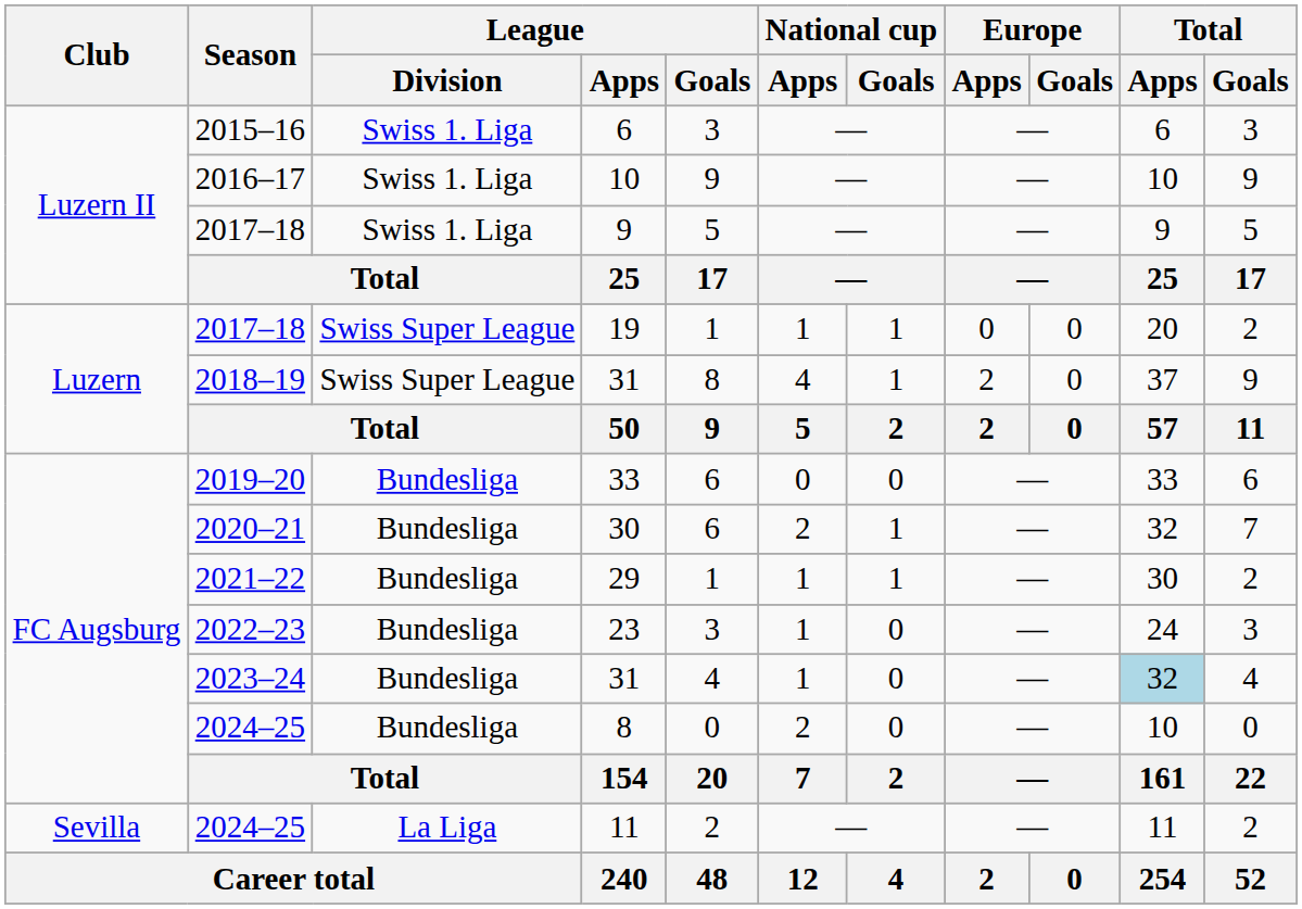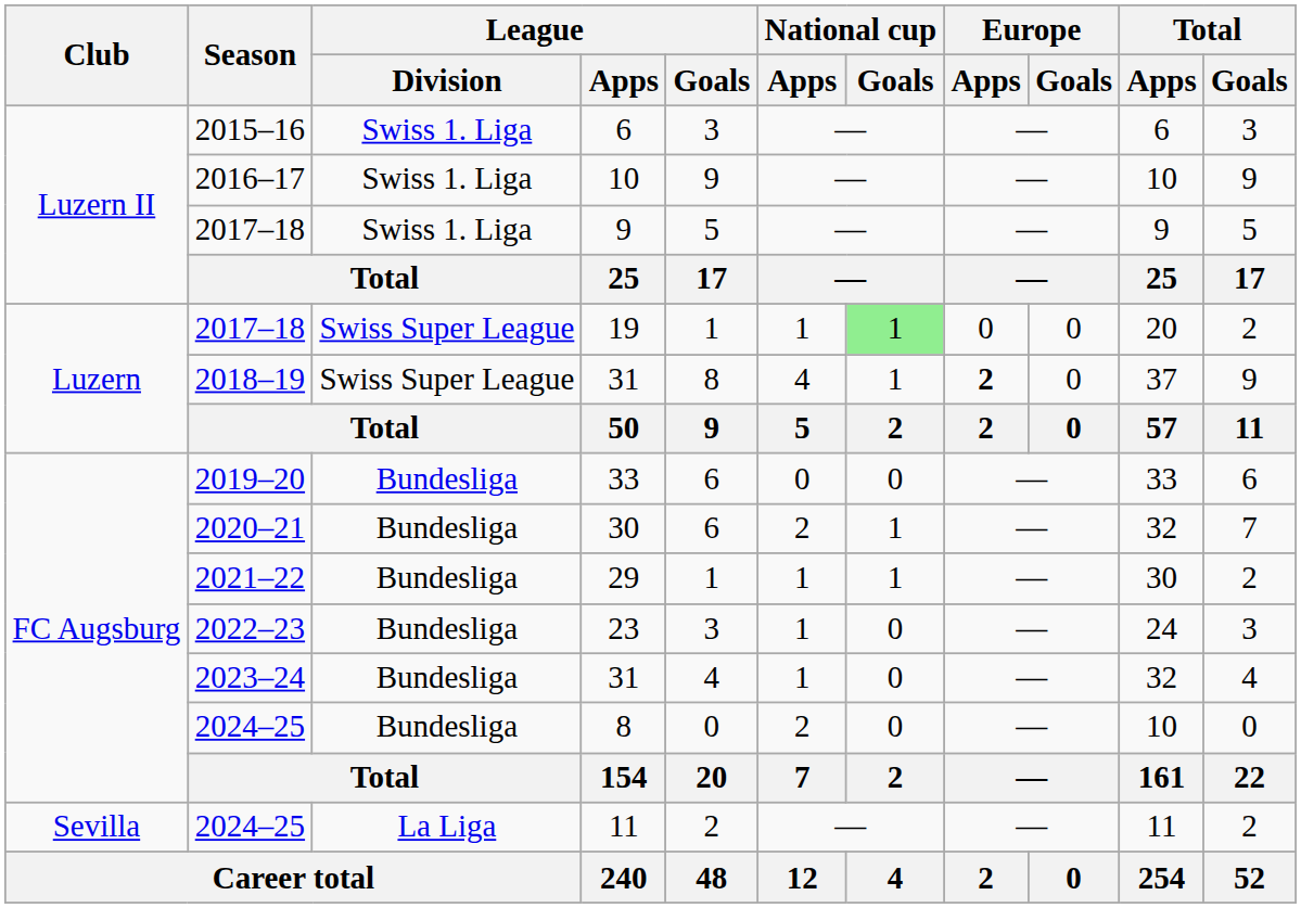 <table class="wikitable" style="text-align:center">
 <tr>
 <th rowspan="2">Club</th>
 <th rowspan="2">Season</th>
 <th colspan="3">League</th>
 <th colspan="2">National cup</th>
 <th colspan="2">Europe</th>
 <th colspan="2">Total</th>
 </tr>
 <tr>
 <th>Division</th>
 <th>Apps</th>
 <th>Goals</th>
 <th>Apps</th>
 <th>Goals</th>
 <th>Apps</th>
 <th>Goals</th>
 <th>Apps</th>
 <th>Goals</th>
 </tr>
 <tr>
 <td rowspan="4"><a href='#'>Luzern II</a></td>
 <td>2015–16</td>
 <td><a href='#'>Swiss 1. Liga</a></td>
 <td>6</td>
 <td>3</td>
 <td colspan="2">—</td>
 <td colspan="2">—</td>
 <td>6</td>
 <td>3</td>
 </tr>
 <tr>
 <td>2016–17</td>
 <td>Swiss 1. Liga</td>
 <td>10</td>
 <td>9</td>
 <td colspan="2">—</td>
 <td colspan="2">—</td>
 <td>10</td>
 <td>9</td>
 </tr>
 <tr>
 <td>2017–18</td>
 <td>Swiss 1. Liga</td>
 <td>9</td>
 <td>5</td>
 <td colspan="2">—</td>
 <td colspan="2">—</td>
 <td>9</td>
 <td>5</td>
 </tr>
 <tr>
 <th colspan="2">Total</th>
 <th>25</th>
 <th>17</th>
 <th colspan="2">—</th>
 <th colspan="2">—</th>
 <th>25</th>
 <th>17</th>
 </tr>
 <tr>
 <td rowspan="3"><a href='#'>Luzern</a></td>
 <td><a href='#'>2017–18</a></td>
 <td><a href='#'>Swiss Super League</a></td>
 <td>19</td>
 <td>1</td>
 <td>1</td>
-<td>1</td>
+<td style="background: lightgreen;">1</td>
 <td>0</td>
 <td>0</td>
 <td>20</td>
 <td>2</td>
 </tr>
 <tr>
 <td><a href='#'>2018–19</a></td>
 <td>Swiss Super League</td>
 <td>31</td>
 <td>8</td>
 <td>4</td>
 <td>1</td>
-<td>2</td>
+<td><strong>2</strong></td>
 <td>0</td>
 <td>37</td>
 <td>9</td>
 </tr>
 <tr>
 <th colspan="2">Total</th>
 <th>50</th>
 <th>9</th>
 <th>5</th>
 <th>2</th>
 <th>2</th>
 <th>0</th>
 <th>57</th>
 <th>11</th>
 </tr>
 <tr>
 <td rowspan="7"><a href='#'>FC Augsburg</a></td>
 <td><a href='#'>2019–20</a></td>
 <td><a href='#'>Bundesliga</a></td>
 <td>33</td>
 <td>6</td>
 <td>0</td>
 <td>0</td>
 <td colspan="2">—</td>
 <td>33</td>
 <td>6</td>
 </tr>
 <tr>
 <td><a href='#'>2020–21</a></td>
 <td>Bundesliga</td>
 <td>30</td>
 <td>6</td>
 <td>2</td>
 <td>1</td>
 <td colspan="2">—</td>
 <td>32</td>
 <td>7</td>
 </tr>
 <tr>
 <td><a href='#'>2021–22</a></td>
 <td>Bundesliga</td>
 <td>29</td>
 <td>1</td>
 <td>1</td>
 <td>1</td>
 <td colspan="2">—</td>
 <td>30</td>
 <td>2</td>
 </tr>
 <tr>
 <td><a href='#'>2022–23</a></td>
 <td>Bundesliga</td>
 <td>23</td>
 <td>3</td>
 <td>1</td>
 <td>0</td>
 <td colspan="2">—</td>
 <td>24</td>
 <td>3</td>
 </tr>
 <tr>
 <td><a href='#'>2023–24</a></td>
 <td>Bundesliga</td>
 <td>31</td>
 <td>4</td>
 <td>1</td>
 <td>0</td>
 <td colspan="2">—</td>
-<td style="background: lightblue;">32</td>
+<td>32</td>
 <td>4</td>
 </tr>
 <tr>
 <td><a href='#'>2024–25</a></td>
 <td>Bundesliga</td>
 <td>8</td>
 <td>0</td>
 <td>2</td>
 <td>0</td>
 <td colspan="2">—</td>
 <td>10</td>
 <td>0</td>
 </tr>
 <tr>
 <th colspan="2">Total</th>
 <th>154</th>
 <th>20</th>
 <th>7</th>
 <th>2</th>
 <th colspan="2">—</th>
 <th>161</th>
 <th>22</th>
 </tr>
 <tr>
 <td><a href='#'>Sevilla</a></td>
 <td><a href='#'>2024–25</a></td>
 <td><a href='#'>La Liga</a></td>
 <td>11</td>
 <td>2</td>
 <td colspan="2">—</td>
 <td colspan="2">—</td>
 <td>11</td>
 <td>2</td>
 </tr>
 <tr>
 <th colspan="3">Career total</th>
 <th>240</th>
 <th>48</th>
 <th>12</th>
 <th>4</th>
 <th>2</th>
 <th>0</th>
 <th>254</th>
 <th>52</th>
 </tr>
 </table>
